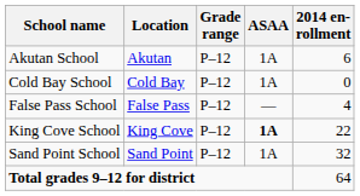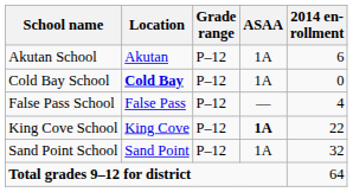 <table class="wikitable">
 <tr>
 <th>School name</th>
 <th>Location</th>
 <th>Grade<br>range</th>
 <th>ASAA</th>
 <th>2014 en-<br>rollment</th>
 </tr>
 <tr>
 <td>Akutan School</td>
 <td><a href='#'>Akutan</a></td>
 <td>P–12</td>
 <td align="center">1A</td>
 <td align="right">6</td>
 </tr>
 <tr>
 <td>Cold Bay School</td>
-<td><a href='#'>Cold Bay</a></td>
+<td><strong><a href='#'>Cold Bay</a></strong></td>
 <td>P–12</td>
 <td align="center">1A</td>
 <td align="right">0</td>
 </tr>
 <tr>
 <td>False Pass School</td>
 <td><a href='#'>False Pass</a></td>
 <td>P–12</td>
 <td align="center">—</td>
 <td align="right">4</td>
 </tr>
 <tr>
 <td>King Cove School</td>
 <td><a href='#'>King Cove</a></td>
 <td>P–12</td>
 <td align="center"><strong>1A</strong></td>
 <td align="right">22</td>
 </tr>
 <tr>
 <td>Sand Point School</td>
 <td><a href='#'>Sand Point</a></td>
 <td>P–12</td>
 <td align="center">1A</td>
 <td align="right">32</td>
 </tr>
 <tr>
 <td colspan="4"><strong>Total grades 9–12 for district</strong></td>
 <td align="right">64</td>
 </tr>
 </table>
